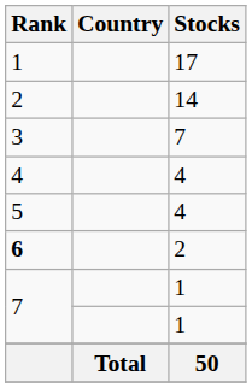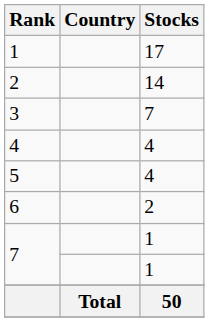 <table class="wikitable sortable">
 <tr>
 <th>Rank</th>
 <th>Country</th>
 <th>Stocks</th>
 </tr>
 <tr>
 <td>1</td>
 <td></td>
 <td>17</td>
 </tr>
 <tr>
 <td>2</td>
 <td></td>
 <td>14</td>
 </tr>
 <tr>
 <td>3</td>
 <td></td>
 <td>7</td>
 </tr>
 <tr>
 <td>4</td>
 <td></td>
 <td>4</td>
 </tr>
 <tr>
 <td>5</td>
 <td></td>
 <td>4</td>
 </tr>
 <tr>
-<td><strong>6</strong></td>
+<td>6</td>
 <td></td>
 <td>2</td>
 </tr>
 <tr>
 <td rowspan="2">7</td>
 <td></td>
 <td>1</td>
 </tr>
 <tr>
 <td></td>
 <td>1</td>
 </tr>
 <tr>
 </tr>
 <tr class="sortbottom">
 <th></th>
 <th>Total</th>
 <th>50</th>
 </tr>
 <tr>
 </tr>
 </table>
